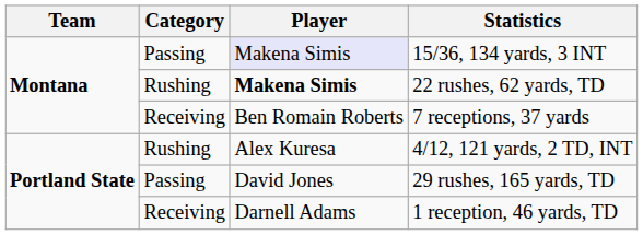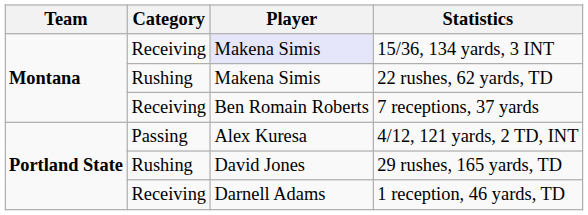 <table class="wikitable" style="float: right;">
 <tr>
 <th>Team</th>
 <th>Category</th>
 <th>Player</th>
 <th>Statistics</th>
 </tr>
 <tr>
 <td rowspan=3><strong>Montana</strong></td>
-<td>Passing</td>
+<td>Receiving</td>
 <td style="background: lavender;">Makena Simis</td>
 <td>15/36, 134 yards, 3 INT</td>
 </tr>
 <tr>
 <td>Rushing</td>
-<td><strong>Makena Simis</strong></td>
+<td>Makena Simis</td>
 <td>22 rushes, 62 yards, TD</td>
 </tr>
 <tr>
 <td>Receiving</td>
 <td>Ben Romain Roberts</td>
 <td>7 receptions, 37 yards</td>
 </tr>
 <tr>
 <td rowspan=3><strong>Portland State</strong></td>
-<td>Rushing</td>
+<td>Passing</td>
 <td>Alex Kuresa</td>
 <td>4/12, 121 yards, 2 TD, INT</td>
 </tr>
 <tr>
-<td>Passing</td>
+<td>Rushing</td>
 <td>David Jones</td>
 <td>29 rushes, 165 yards, TD</td>
 </tr>
 <tr>
 <td>Receiving</td>
 <td>Darnell Adams</td>
 <td>1 reception, 46 yards, TD</td>
 </tr>
 </table>
